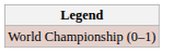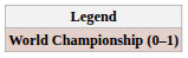 <table class="wikitable">
 <tr>
 <th>Legend</th>
 </tr>
 <tr style="background:#e5d1cb;">
-<td>World Championship (0–1)</td>
+<td><strong>World Championship (0–1)</strong></td>
 </tr>
 </table>
